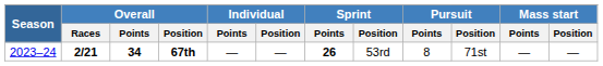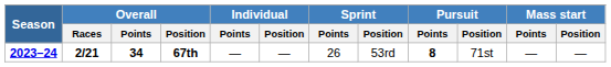 <table class="wikitable" style="font-size:95%; text-align:center; border:grey solid 1px; border-collapse:collapse; background:#ffffff;">
 <tr class="hintergrundfarbe5">
 </tr>
 <tr style="background:#efefef;">
 <th rowspan="2" style="background-color:#369; color:white; width:65px">Season</th>
 <th colspan="3" style="background-color:#4180be; color:white; width:115px;">Overall</th>
 <th colspan="2" style="background-color:#4180be; color:white; width:115px;">Individual</th>
 <th colspan="2" style="background-color:#4180be; color:white; width:115px;">Sprint</th>
 <th colspan="2" style="background-color:#4180be; color:white; width:115px;">Pursuit</th>
 <th colspan="2" style="background-color:#4180be; color:white; width:115px;">Mass start</th>
 </tr>
 <tr class="hintergrundfarbe5">
 <th style="width:55px;"><small>Races</small></th>
 <th style="width:55px;"><small>Points</small></th>
 <th style="width:55px;"><small>Position</small></th>
 <th style="width:55px;"><small>Points</small></th>
 <th style="width:55px;"><small>Position</small></th>
 <th style="width:55px;"><small>Points</small></th>
 <th style="width:55px;"><small>Position</small></th>
 <th style="width:55px;"><small>Points</small></th>
 <th style="width:55px;"><small>Position</small></th>
 <th style="width:55px;"><small>Points</small></th>
 <th style="width:55px;"><small>Position</small></th>
 </tr>
 <tr>
-<td><a href='#'>2023–24</a></td>
+<td><strong><a href='#'>2023–24</a></strong></td>
 <td><strong>2/21</strong></td>
 <td><strong>34</strong></td>
 <td><strong>67th</strong></td>
 <td>—</td>
 <td>—</td>
-<td><strong>26</strong></td>
+<td>26</td>
 <td>53rd</td>
-<td>8</td>
+<td><strong>8</strong></td>
 <td>71st</td>
 <td>—</td>
 <td>—</td>
 </tr>
 </table>
